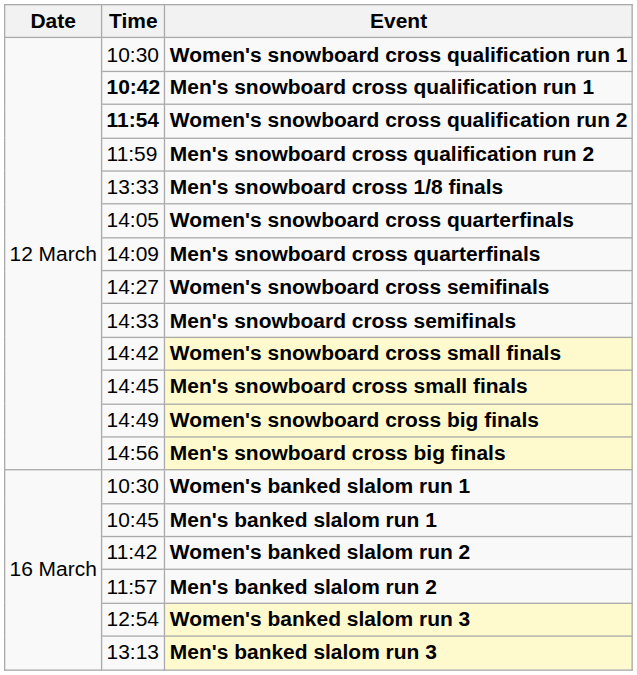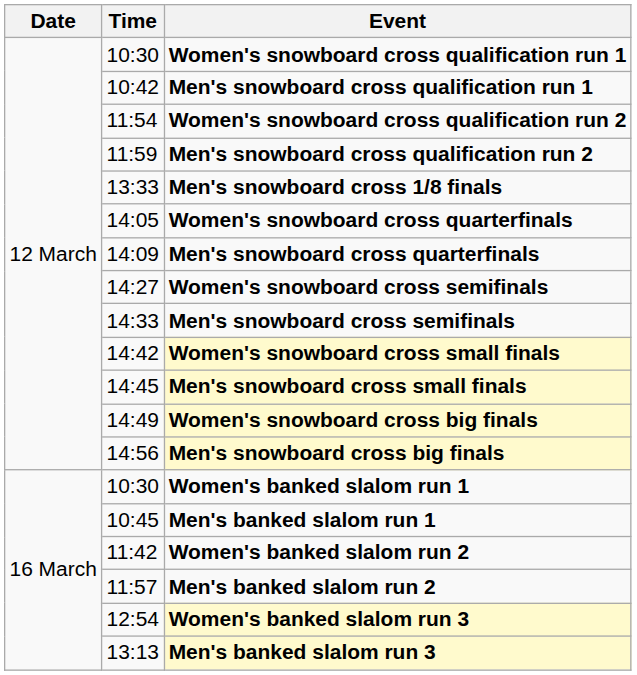 <table class=wikitable>
 <tr>
 <th>Date</th>
 <th>Time</th>
 <th>Event</th>
 </tr>
 <tr>
 <td rowspan=13>12 March</td>
 <td>10:30</td>
 <td><strong>Women's snowboard cross qualification run 1</strong></td>
 </tr>
 <tr>
-<td><strong>10:42</strong></td>
+<td>10:42</td>
 <td><strong>Men's snowboard cross qualification run 1</strong></td>
 </tr>
 <tr>
-<td><strong>11:54</strong></td>
+<td>11:54</td>
 <td><strong>Women's snowboard cross qualification run 2</strong></td>
 </tr>
 <tr>
 <td>11:59</td>
 <td><strong>Men's snowboard cross qualification run 2</strong></td>
 </tr>
 <tr>
 <td>13:33</td>
 <td><strong>Men's snowboard cross 1/8 finals</strong></td>
 </tr>
 <tr>
 <td>14:05</td>
 <td><strong>Women's snowboard cross quarterfinals</strong></td>
 </tr>
 <tr>
 <td>14:09</td>
 <td><strong>Men's snowboard cross quarterfinals</strong></td>
 </tr>
 <tr>
 <td>14:27</td>
 <td><strong>Women's snowboard cross semifinals</strong></td>
 </tr>
 <tr>
 <td>14:33</td>
 <td><strong>Men's snowboard cross semifinals</strong></td>
 </tr>
 <tr>
 <td>14:42</td>
 <td style=background:lemonchiffon><strong>Women's snowboard cross small finals</strong></td>
 </tr>
 <tr>
 <td>14:45</td>
 <td style=background:lemonchiffon><strong>Men's snowboard cross small finals</strong></td>
 </tr>
 <tr>
 <td>14:49</td>
 <td style=background:lemonchiffon><strong>Women's snowboard cross big finals</strong></td>
 </tr>
 <tr>
 <td>14:56</td>
 <td style=background:lemonchiffon><strong>Men's snowboard cross big finals</strong></td>
 </tr>
 <tr>
 <td rowspan=16>16 March</td>
 <td>10:30</td>
 <td><strong>Women's banked slalom run 1</strong></td>
 </tr>
 <tr>
 <td>10:45</td>
 <td><strong>Men's banked slalom run 1</strong></td>
 </tr>
 <tr>
 <td>11:42</td>
 <td><strong>Women's banked slalom run 2</strong></td>
 </tr>
 <tr>
 <td>11:57</td>
 <td><strong>Men's banked slalom run 2</strong></td>
 </tr>
 <tr>
 <td>12:54</td>
 <td style=background:lemonchiffon><strong>Women's banked slalom run 3</strong></td>
 </tr>
 <tr>
 <td>13:13</td>
 <td style=background:lemonchiffon><strong>Men's banked slalom run 3</strong></td>
 </tr>
 </table>
